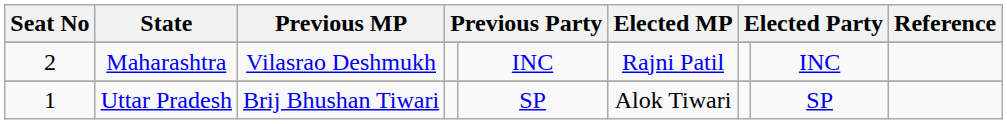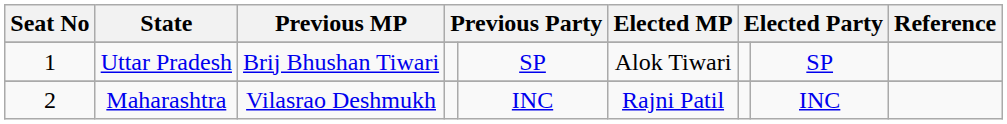 <table class="wikitable">
 <tr>
 <th>Seat No</th>
 <th>State</th>
 <th>Previous MP</th>
 <th colspan=2>Previous Party</th>
 <th>Elected MP</th>
 <th colspan=2>Elected Party</th>
 <th>Reference</th>
+</tr>
+<tr>
+</tr>
+<tr style="text-align:center;">
+<td>1</td>
+<td><a href='#'>Uttar Pradesh</a></td>
+<td><a href='#'>Brij Bhushan Tiwari</a></td>
+<td width="1px"></td>
+<td><a href='#'>SP</a></td>
+<td>Alok Tiwari</td>
+<td width="1px"></td>
+<td><a href='#'>SP</a></td>
+<td rowspan=1></td>
 </tr>
 <tr>
 </tr>
 <tr style="text-align:center;">
 <td>2</td>
 <td><a href='#'>Maharashtra</a></td>
 <td><a href='#'>Vilasrao Deshmukh</a></td>
 <td width="1px"></td>
 <td><a href='#'>INC</a></td>
 <td><a href='#'>Rajni Patil</a></td>
 <td width="1px"></td>
 <td><a href='#'>INC</a></td>
 <td rowspan=1></td>
 </tr>
-<tr>
-</tr>
-<tr style="text-align:center;">
-<td>1</td>
-<td><a href='#'>Uttar Pradesh</a></td>
-<td><a href='#'>Brij Bhushan Tiwari</a></td>
-<td width="1px"></td>
-<td><a href='#'>SP</a></td>
-<td>Alok Tiwari</td>
-<td width="1px"></td>
-<td><a href='#'>SP</a></td>
-<td rowspan=1></td>
-</tr>
 </table>
